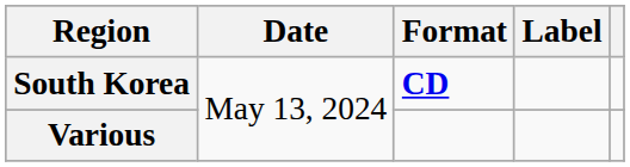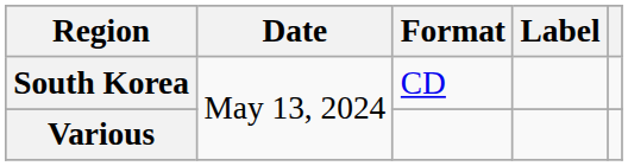 <table class="wikitable plainrowheaders">
 <tr>
 <th scope="col">Region</th>
 <th scope="col">Date</th>
 <th scope="col">Format</th>
 <th scope="col">Label</th>
 <th scope="col"></th>
 </tr>
 <tr>
 <th scope="row">South Korea</th>
 <td rowspan="2">May 13, 2024</td>
-<td><strong><a href='#'>CD</a></strong></td>
+<td><a href='#'>CD</a></td>
 <td></td>
 <td style="text-align:center"></td>
 </tr>
 <tr>
 <th scope="row">Various</th>
 <td></td>
 <td></td>
 <td style="text-align:center"></td>
 </tr>
 </table>
